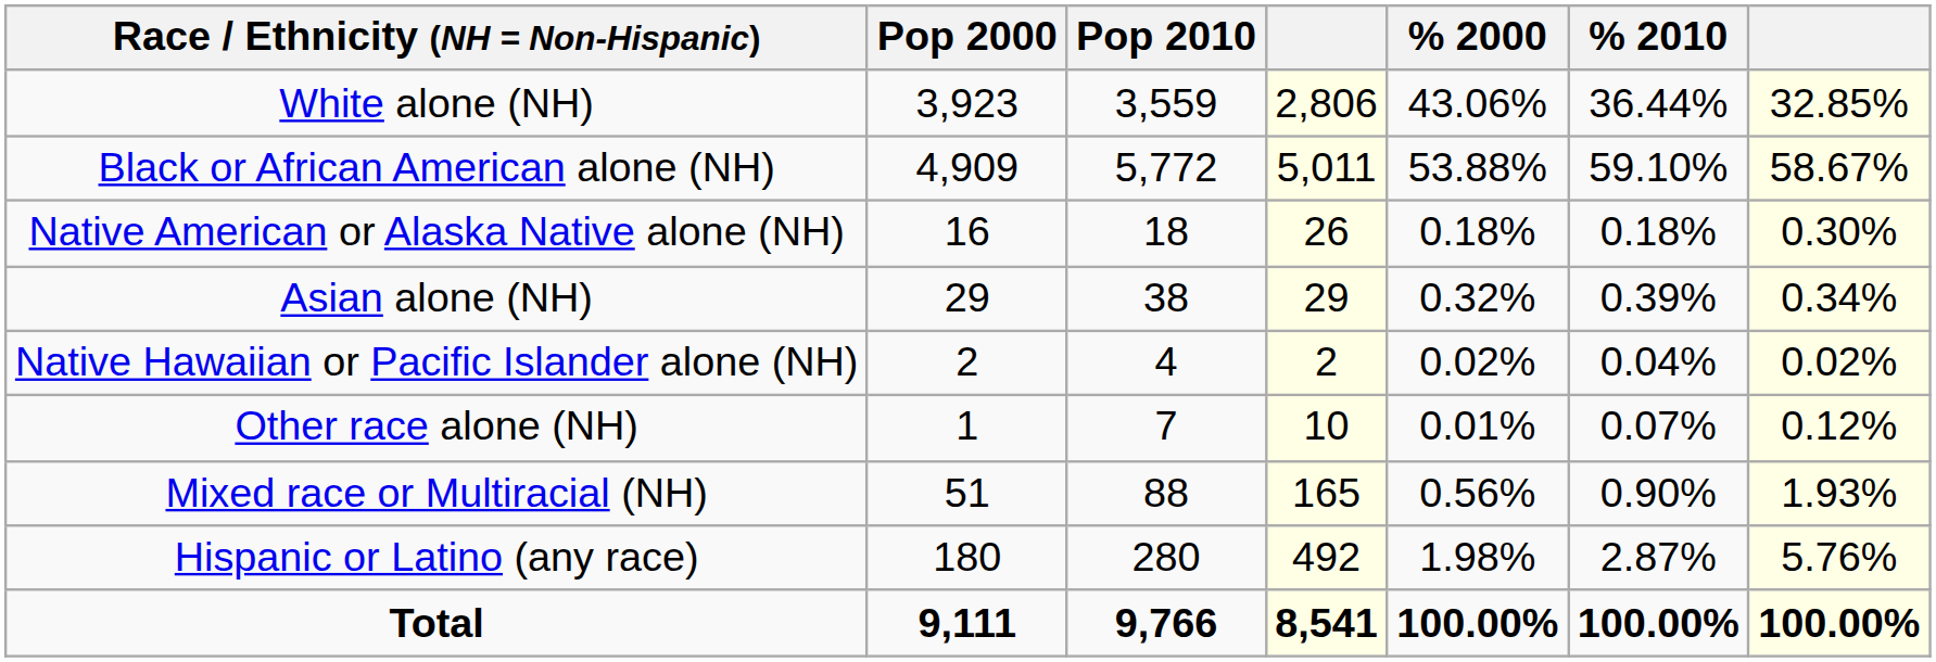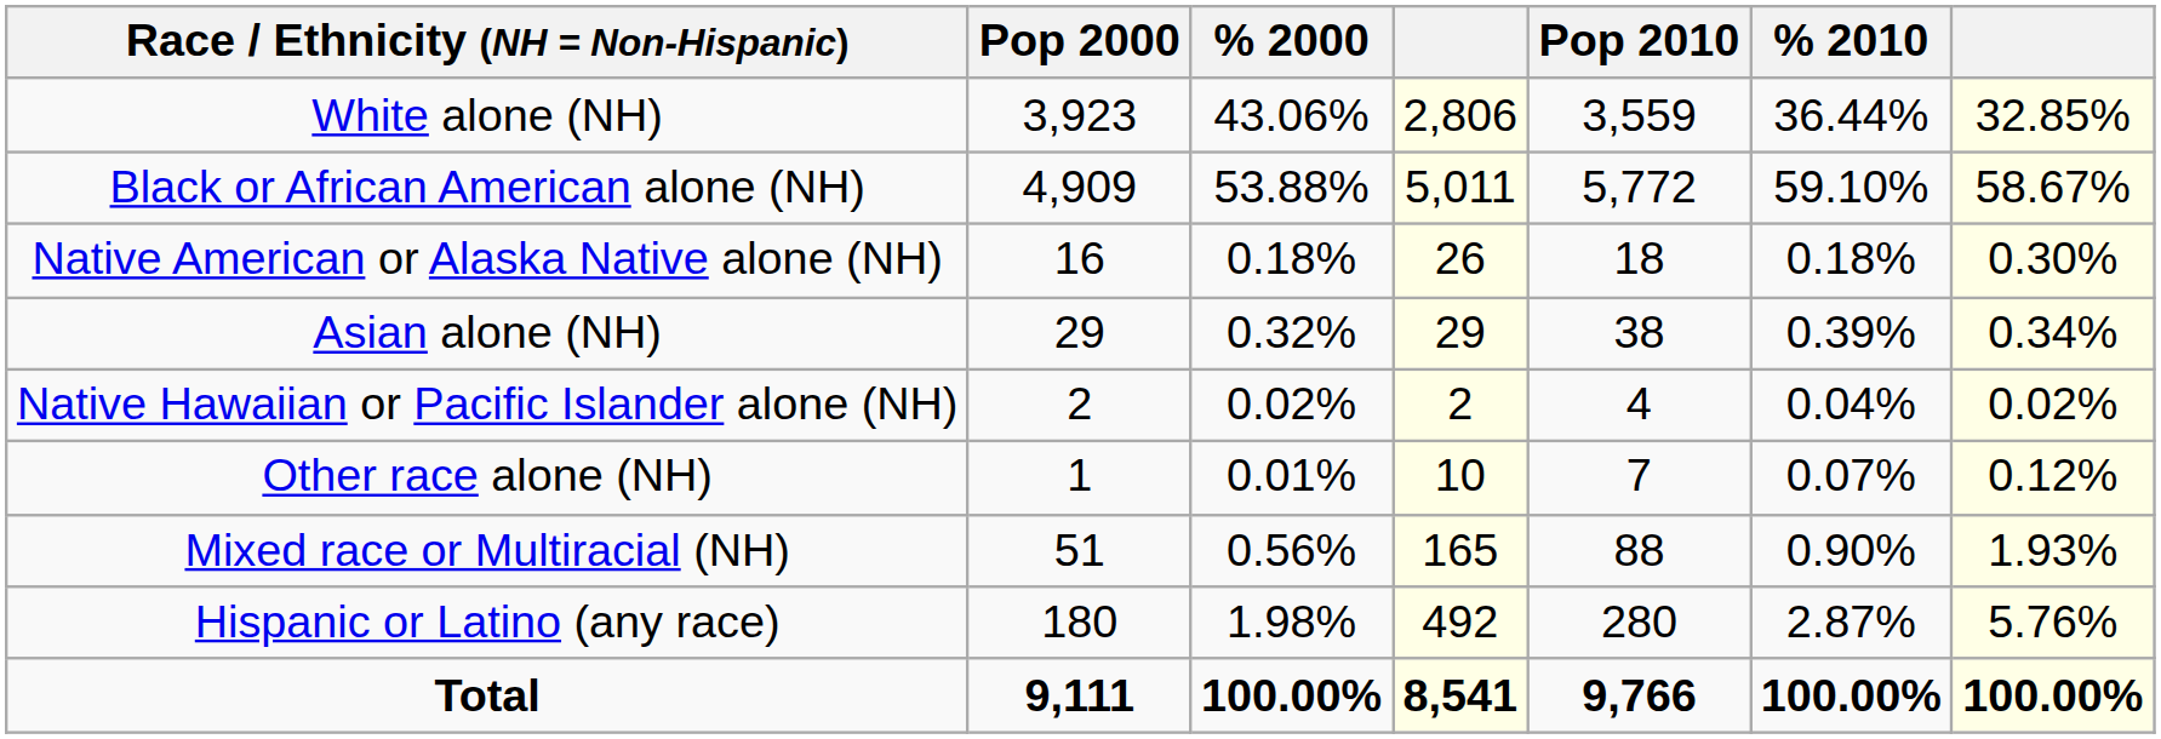 <table class="wikitable" style="text-align:center;">
 <tr>
 <th>Race / Ethnicity <small>(<em>NH = Non-Hispanic</em>)</small></th>
 <th>Pop 2000</th>
+<th>% 2000</th>
+<th></th>
 <th>Pop 2010</th>
-<th></th>
-<th>% 2000</th>
 <th>% 2010</th>
 <th></th>
 </tr>
 <tr>
 <td><a href='#'>White</a> alone (NH)</td>
 <td>3,923</td>
+<td>43.06%</td>
+<td style='background: #ffffe6;'>2,806</td>
 <td>3,559</td>
-<td style='background: #ffffe6;'>2,806</td>
-<td>43.06%</td>
 <td>36.44%</td>
 <td style='background: #ffffe6;'>32.85%</td>
 </tr>
 <tr>
 <td><a href='#'>Black or African American</a> alone (NH)</td>
 <td>4,909</td>
+<td>53.88%</td>
+<td style='background: #ffffe6;'>5,011</td>
 <td>5,772</td>
-<td style='background: #ffffe6;'>5,011</td>
-<td>53.88%</td>
 <td>59.10%</td>
 <td style='background: #ffffe6;'>58.67%</td>
 </tr>
 <tr>
 <td><a href='#'>Native American</a> or <a href='#'>Alaska Native</a> alone (NH)</td>
 <td>16</td>
+<td>0.18%</td>
+<td style='background: #ffffe6;'>26</td>
 <td>18</td>
-<td style='background: #ffffe6;'>26</td>
-<td>0.18%</td>
 <td>0.18%</td>
 <td style='background: #ffffe6;'>0.30%</td>
 </tr>
 <tr>
 <td><a href='#'>Asian</a> alone (NH)</td>
 <td>29</td>
+<td>0.32%</td>
+<td style='background: #ffffe6;'>29</td>
 <td>38</td>
-<td style='background: #ffffe6;'>29</td>
-<td>0.32%</td>
 <td>0.39%</td>
 <td style='background: #ffffe6;'>0.34%</td>
 </tr>
 <tr>
 <td><a href='#'>Native Hawaiian</a> or <a href='#'>Pacific Islander</a> alone (NH)</td>
 <td>2</td>
+<td>0.02%</td>
+<td style='background: #ffffe6;'>2</td>
 <td>4</td>
-<td style='background: #ffffe6;'>2</td>
-<td>0.02%</td>
 <td>0.04%</td>
 <td style='background: #ffffe6;'>0.02%</td>
 </tr>
 <tr>
 <td><a href='#'>Other race</a> alone (NH)</td>
 <td>1</td>
+<td>0.01%</td>
+<td style='background: #ffffe6;'>10</td>
 <td>7</td>
-<td style='background: #ffffe6;'>10</td>
-<td>0.01%</td>
 <td>0.07%</td>
 <td style='background: #ffffe6;'>0.12%</td>
 </tr>
 <tr>
 <td><a href='#'>Mixed race or Multiracial</a> (NH)</td>
 <td>51</td>
+<td>0.56%</td>
+<td style='background: #ffffe6;'>165</td>
 <td>88</td>
-<td style='background: #ffffe6;'>165</td>
-<td>0.56%</td>
 <td>0.90%</td>
 <td style='background: #ffffe6;'>1.93%</td>
 </tr>
 <tr>
 <td><a href='#'>Hispanic or Latino</a> (any race)</td>
 <td>180</td>
+<td>1.98%</td>
+<td style='background: #ffffe6;'>492</td>
 <td>280</td>
-<td style='background: #ffffe6;'>492</td>
-<td>1.98%</td>
 <td>2.87%</td>
 <td style='background: #ffffe6;'>5.76%</td>
 </tr>
 <tr>
 <td><strong>Total</strong></td>
 <td><strong>9,111</strong></td>
+<td><strong>100.00%</strong></td>
+<td style='background: #ffffe6;'><strong>8,541</strong></td>
 <td><strong>9,766</strong></td>
-<td style='background: #ffffe6;'><strong>8,541</strong></td>
-<td><strong>100.00%</strong></td>
 <td><strong>100.00%</strong></td>
 <td style='background: #ffffe6;'><strong>100.00%</strong></td>
 </tr>
 </table>
